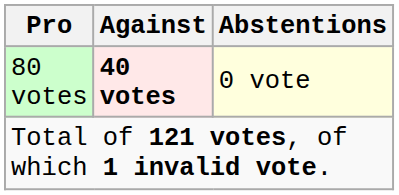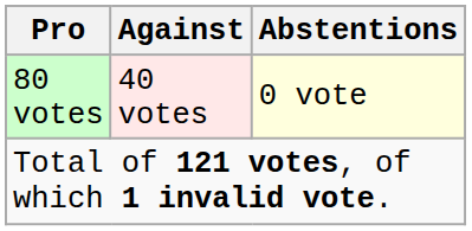 <table class="wikitable" width="25%">
 <tr>
 <th>Pro</th>
 <th>Against</th>
 <th>Abstentions</th>
 </tr>
 <tr>
 <td bgcolor="#CCFFCC">80 votes</td>
-<td bgcolor="#FFE8E8"><strong>40 votes</strong></td>
+<td bgcolor="#FFE8E8">40 votes</td>
 <td bgcolor="#FFFFDD">0 vote</td>
 </tr>
 <tr>
 <td colspan="3">Total of <strong>121 votes</strong>, of which <strong>1 invalid vote</strong>.</td>
 </tr>
 </table>
